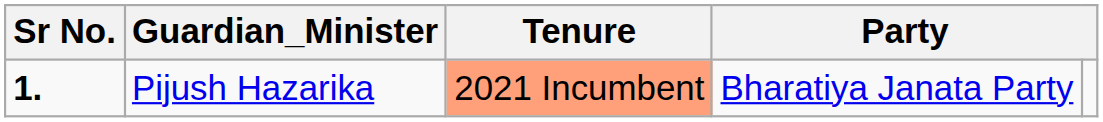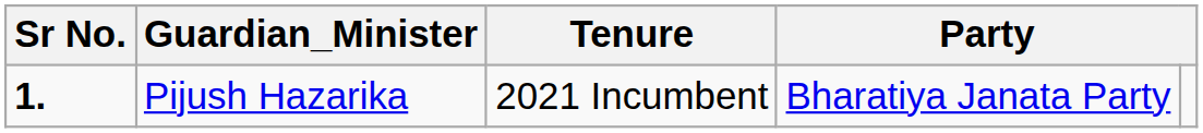 <table class="wikitable">
 <tr>
 <th>Sr No.</th>
 <th>Guardian_Minister</th>
 <th>Tenure</th>
 <th colspan="2">Party</th>
 </tr>
 <tr>
 <td><strong>1.</strong></td>
 <td><a href='#'>Pijush Hazarika</a></td>
-<td style="background: lightsalmon;">2021 Incumbent</td>
+<td>2021 Incumbent</td>
 <td><a href='#'>Bharatiya Janata Party</a></td>
 <td></td>
 </tr>
 </table>
